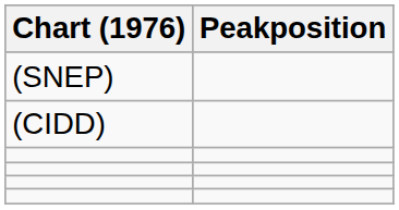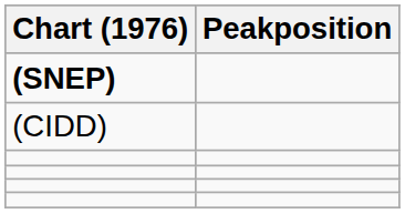 <table class="wikitable sortable" style="display:table-inline">
 <tr>
 <th>Chart (1976)</th>
 <th>Peakposition</th>
 </tr>
 <tr>
-<td> (SNEP)</td>
+<td><strong> (SNEP)</strong></td>
 <td></td>
 </tr>
 <tr>
 <td> (CIDD)</td>
 <td></td>
 </tr>
 <tr>
 <td></td>
 <td></td>
 </tr>
 <tr>
 <td></td>
 <td></td>
 </tr>
 <tr>
 <td></td>
 <td></td>
 </tr>
 <tr>
 <td></td>
 <td></td>
 </tr>
 </table>
